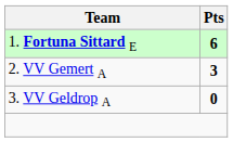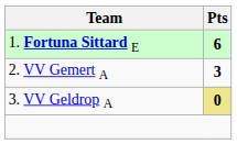 <table class="wikitable" style="text-align:center; float:left; margin-right:1em">
 <tr>
 <th style="width:200px">Team</th>
 <th width=20>Pts</th>
 </tr>
 <tr bgcolor=ccffcc>
 <td align=left>1. <strong><a href='#'>Fortuna Sittard</a></strong> <sub>E</sub></td>
 <td><strong>6</strong></td>
 </tr>
 <tr>
 <td align=left>2. <a href='#'>VV Gemert</a> <sub>A</sub></td>
 <td><strong>3</strong></td>
 </tr>
 <tr>
 <td align=left>3. <a href='#'>VV Geldrop</a> <sub>A</sub></td>
-<td><strong>0</strong></td>
+<td style="background: khaki;"><strong>0</strong></td>
 </tr>
 <tr>
 <td colspan=2> </td>
 </tr>
 </table>
